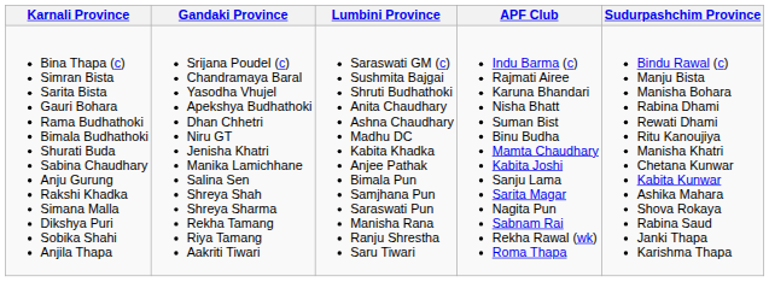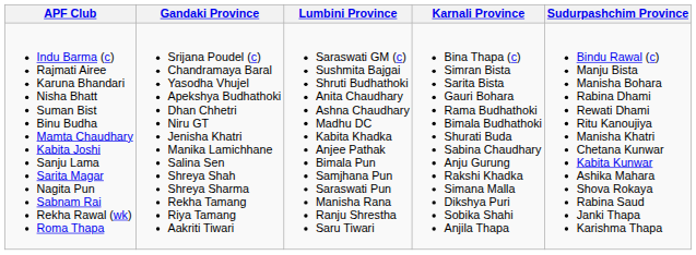 <table class="wikitable" style="text-align:left; margin:auto">
 <tr>
-<th><a href='#'>Karnali Province</a></th>
+<th><a href='#'>APF Club</a></th>
 <th><a href='#'>Gandaki Province</a></th>
 <th><a href='#'>Lumbini Province</a></th>
-<th><a href='#'>APF Club</a></th>
+<th><a href='#'>Karnali Province</a></th>
 <th><a href='#'>Sudurpashchim Province</a></th>
 </tr>
 <tr>
-<td valign=top><br><ul><li>Bina Thapa (<a href='#'>c</a>)</li><li>Simran Bista</li><li>Sarita Bista</li><li>Gauri Bohara</li><li>Rama Budhathoki</li><li>Bimala Budhathoki</li><li>Shurati Buda</li><li>Sabina Chaudhary</li><li>Anju Gurung</li><li>Rakshi Khadka</li><li>Simana Malla</li><li>Dikshya Puri</li><li>Sobika Shahi</li><li>Anjila Thapa</li></ul></td>
+<td valign=top><br><ul><li><a href='#'>Indu Barma</a> (<a href='#'>c</a>)</li><li>Rajmati Airee</li><li>Karuna Bhandari</li><li>Nisha Bhatt</li><li>Suman Bist</li><li>Binu Budha</li><li><a href='#'>Mamta Chaudhary</a></li><li><a href='#'>Kabita Joshi</a></li><li>Sanju Lama</li><li><a href='#'>Sarita Magar</a></li><li>Nagita Pun</li><li><a href='#'>Sabnam Rai</a></li><li>Rekha Rawal (<a href='#'>wk</a>)</li><li><a href='#'>Roma Thapa</a></li></ul></td>
 <td valign=top><br><ul><li>Srijana Poudel (<a href='#'>c</a>)</li><li>Chandramaya Baral</li><li>Yasodha Vhujel</li><li>Apekshya Budhathoki</li><li>Dhan Chhetri</li><li>Niru GT</li><li>Jenisha Khatri</li><li>Manika Lamichhane</li><li>Salina Sen</li><li>Shreya Shah</li><li>Shreya Sharma</li><li>Rekha Tamang</li><li>Riya Tamang</li><li>Aakriti Tiwari</li></ul></td>
 <td valign=top><br><ul><li>Saraswati GM (<a href='#'>c</a>)</li><li>Sushmita Bajgai</li><li>Shruti Budhathoki</li><li>Anita Chaudhary</li><li>Ashna Chaudhary</li><li>Madhu DC</li><li>Kabita Khadka</li><li>Anjee Pathak</li><li>Bimala Pun</li><li>Samjhana Pun</li><li>Saraswati Pun</li><li>Manisha Rana</li><li>Ranju Shrestha</li><li>Saru Tiwari</li></ul></td>
-<td valign=top><br><ul><li><a href='#'>Indu Barma</a> (<a href='#'>c</a>)</li><li>Rajmati Airee</li><li>Karuna Bhandari</li><li>Nisha Bhatt</li><li>Suman Bist</li><li>Binu Budha</li><li><a href='#'>Mamta Chaudhary</a></li><li><a href='#'>Kabita Joshi</a></li><li>Sanju Lama</li><li><a href='#'>Sarita Magar</a></li><li>Nagita Pun</li><li><a href='#'>Sabnam Rai</a></li><li>Rekha Rawal (<a href='#'>wk</a>)</li><li><a href='#'>Roma Thapa</a></li></ul></td>
+<td valign=top><br><ul><li>Bina Thapa (<a href='#'>c</a>)</li><li>Simran Bista</li><li>Sarita Bista</li><li>Gauri Bohara</li><li>Rama Budhathoki</li><li>Bimala Budhathoki</li><li>Shurati Buda</li><li>Sabina Chaudhary</li><li>Anju Gurung</li><li>Rakshi Khadka</li><li>Simana Malla</li><li>Dikshya Puri</li><li>Sobika Shahi</li><li>Anjila Thapa</li></ul></td>
 <td valign=top><br><ul><li><a href='#'>Bindu Rawal</a> (<a href='#'>c</a>)</li><li>Manju Bista</li><li>Manisha Bohara</li><li>Rabina Dhami</li><li>Rewati Dhami</li><li>Ritu Kanoujiya</li><li>Manisha Khatri</li><li>Chetana Kunwar</li><li><a href='#'>Kabita Kunwar</a></li><li>Ashika Mahara</li><li>Shova Rokaya</li><li>Rabina Saud</li><li>Janki Thapa</li><li>Karishma Thapa</li></ul></td>
 </tr>
 </table>
